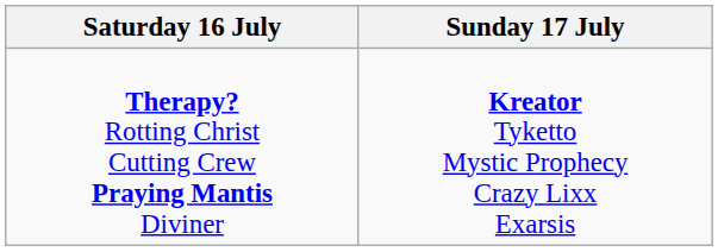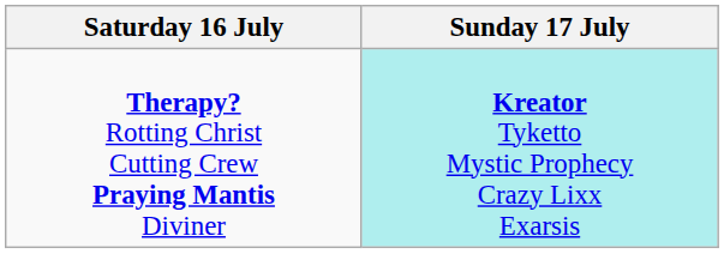 <table class="wikitable">
 <tr>
 <th>Saturday 16 July</th>
 <th>Sunday 17 July</th>
 </tr>
 <tr>
 <td valign="top" align="center" width=200><br><strong><a href='#'>Therapy?</a></strong> <br><a href='#'>Rotting Christ</a> <br><a href='#'>Cutting Crew</a> <br><strong><a href='#'>Praying Mantis</a></strong> <br><a href='#'>Diviner</a></td>
-<td valign="top" align="center" width=200><br><strong><a href='#'>Kreator</a></strong> <br><a href='#'>Tyketto</a> <br><a href='#'>Mystic Prophecy</a> <br><a href='#'>Crazy Lixx</a> <br><a href='#'>Exarsis</a></td>
+<td valign="top" align="center" width=200 style="background: paleturquoise;"><br><strong><a href='#'>Kreator</a></strong> <br><a href='#'>Tyketto</a> <br><a href='#'>Mystic Prophecy</a> <br><a href='#'>Crazy Lixx</a> <br><a href='#'>Exarsis</a></td>
 </tr>
 </table>
